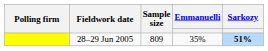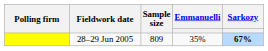 <table class="wikitable sortable" style="text-align:center;font-size:90%;line-height:14px;">
 <tr style="height:40px;">
 <th style="width:100px;" rowspan="2">Polling firm</th>
 <th style="width:110px;" rowspan="2">Fieldwork date</th>
 <th style="width:35px;" rowspan="2">Sample<br>size</th>
 <th class="unsortable" style="width:60px;"><a href='#'>Emmanuelli</a><br></th>
 <th class="unsortable" style="width:60px;"><a href='#'>Sarkozy</a><br></th>
 </tr>
 <tr>
 <th style="background:"></th>
 <th style="background:"></th>
 </tr>
 <tr>
 <td style="background:yellow;"></td>
 <td data-sort-value="2005-06-29">28–29 Jun 2005</td>
 <td>809</td>
 <td>35%</td>
-<td style="background:#B9DAFF;"><strong>51%</strong></td>
+<td style="background:#B9DAFF;"><strong>67%</strong></td>
 </tr>
 </table>
